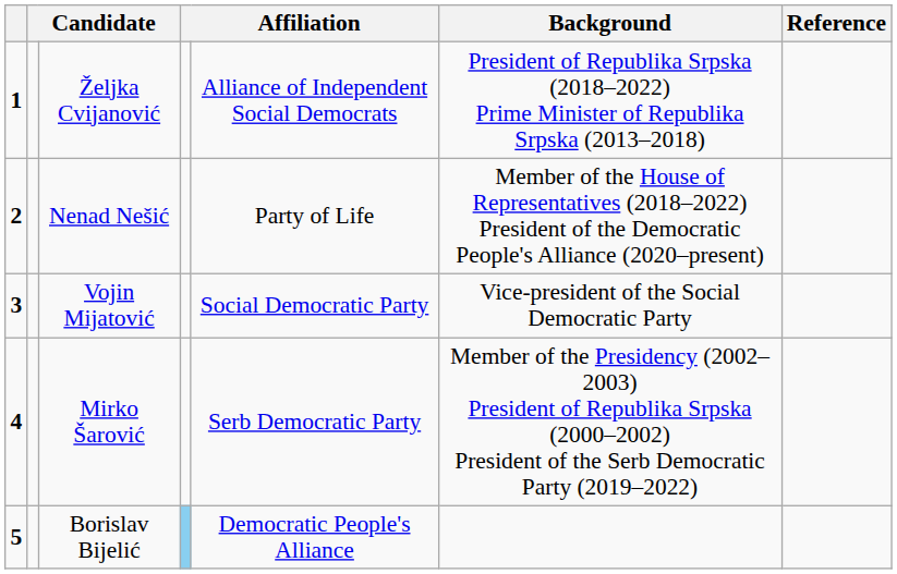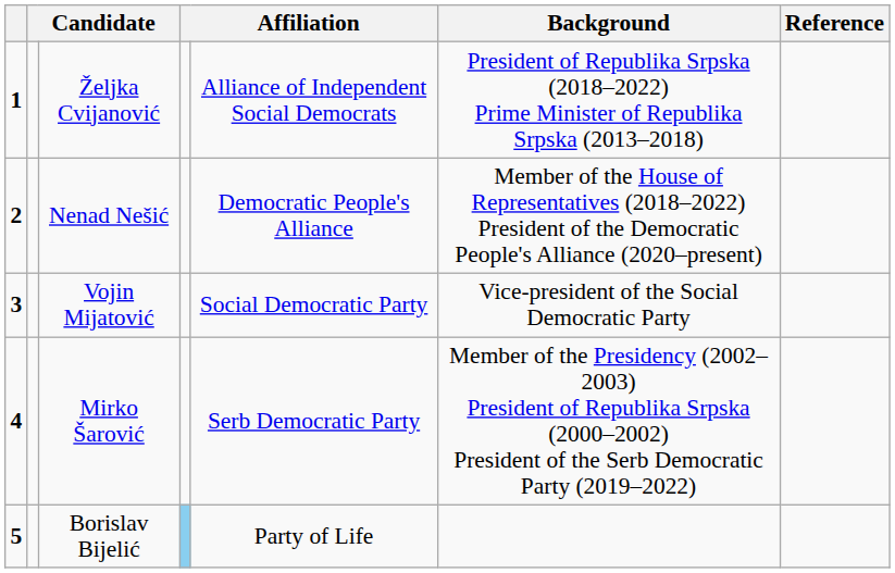 <table class="wikitable" style="text-align:center">
 <tr>
 <th></th>
 <th colspan="2">Candidate</th>
 <th colspan="2">Affiliation</th>
 <th>Background</th>
 <th>Reference</th>
 </tr>
 <tr>
 <td><strong>1</strong></td>
 <td></td>
 <td><a href='#'>Željka Cvijanović</a></td>
 <td style="background:"></td>
 <td><a href='#'>Alliance of Independent Social Democrats</a></td>
 <td><a href='#'>President of Republika Srpska</a> (2018–2022) <br> <a href='#'>Prime Minister of Republika Srpska</a> (2013–2018)</td>
 <td></td>
 </tr>
 <tr>
 <td><strong>2</strong></td>
 <td></td>
 <td><a href='#'>Nenad Nešić</a></td>
 <td style="background:"></td>
-<td>Party of Life</td>
+<td><a href='#'>Democratic People's Alliance</a></td>
 <td>Member of the <a href='#'>House of Representatives</a> (2018–2022) <br> President of the Democratic People's Alliance (2020–present)</td>
 <td></td>
 </tr>
 <tr>
 <td><strong>3</strong></td>
 <td></td>
 <td><a href='#'>Vojin Mijatović</a></td>
 <td style="background:"></td>
 <td><a href='#'>Social Democratic Party</a></td>
 <td>Vice-president of the Social Democratic Party</td>
 <td></td>
 </tr>
 <tr>
 <td><strong>4</strong></td>
 <td></td>
 <td><a href='#'>Mirko Šarović</a></td>
 <td style="background:"></td>
 <td><a href='#'>Serb Democratic Party</a></td>
 <td>Member of the <a href='#'>Presidency</a> (2002–2003) <br> <a href='#'>President of Republika Srpska</a> (2000–2002) <br> President of the Serb Democratic Party (2019–2022)</td>
 <td></td>
 </tr>
 <tr>
 <td><strong>5</strong></td>
 <td></td>
 <td>Borislav Bijelić</td>
 <td style="background:#89CFF0"></td>
-<td><a href='#'>Democratic People's Alliance</a></td>
+<td>Party of Life</td>
 <td></td>
 <td></td>
 </tr>
 </table>
